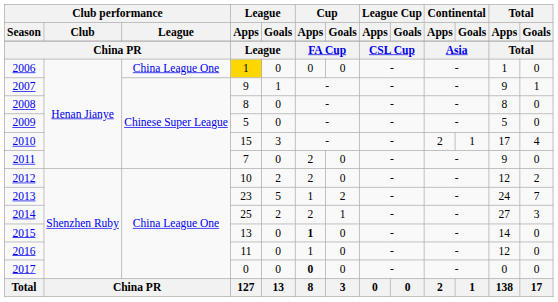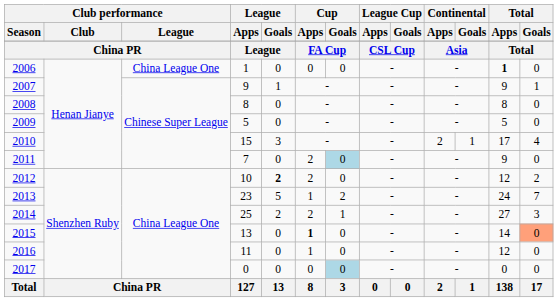 <table class="wikitable" style="text-align:center">
 <tr>
 <th colspan=3>Club performance</th>
 <th colspan=2>League</th>
 <th colspan=2>Cup</th>
 <th colspan=2>League Cup</th>
 <th colspan=2>Continental</th>
 <th colspan=2>Total</th>
 </tr>
 <tr>
 <th>Season</th>
 <th>Club</th>
 <th>League</th>
 <th>Apps</th>
 <th>Goals</th>
 <th>Apps</th>
 <th>Goals</th>
 <th>Apps</th>
 <th>Goals</th>
 <th>Apps</th>
 <th>Goals</th>
 <th>Apps</th>
 <th>Goals</th>
 </tr>
 <tr>
 </tr>
 <tr>
 <th colspan=3>China PR</th>
 <th colspan=2>League</th>
 <th colspan=2><a href='#'>FA Cup</a></th>
 <th colspan=2><a href='#'>CSL Cup</a></th>
 <th colspan=2><a href='#'>Asia</a></th>
 <th colspan=2>Total</th>
 </tr>
 <tr>
 <td><a href='#'>2006</a></td>
 <td rowspan="6"><a href='#'>Henan Jianye</a></td>
 <td><a href='#'>China League One</a></td>
-<td style="background: gold;">1</td>
+<td>1</td>
 <td>0</td>
 <td>0</td>
 <td>0</td>
 <td colspan="2">-</td>
 <td colspan="2">-</td>
-<td>1</td>
+<td><strong>1</strong></td>
 <td>0</td>
 </tr>
 <tr>
 <td><a href='#'>2007</a></td>
 <td rowspan="5"><a href='#'>Chinese Super League</a></td>
 <td>9</td>
 <td>1</td>
 <td colspan="2">-</td>
 <td colspan="2">-</td>
 <td colspan="2">-</td>
 <td>9</td>
 <td>1</td>
 </tr>
 <tr>
 <td><a href='#'>2008</a></td>
 <td>8</td>
 <td>0</td>
 <td colspan="2">-</td>
 <td colspan="2">-</td>
 <td colspan="2">-</td>
 <td>8</td>
 <td>0</td>
 </tr>
 <tr>
 <td><a href='#'>2009</a></td>
 <td>5</td>
 <td>0</td>
 <td colspan="2">-</td>
 <td colspan="2">-</td>
 <td colspan="2">-</td>
 <td>5</td>
 <td>0</td>
 </tr>
 <tr>
 <td><a href='#'>2010</a></td>
 <td>15</td>
 <td>3</td>
 <td colspan="2">-</td>
 <td colspan="2">-</td>
 <td>2</td>
 <td>1</td>
 <td>17</td>
 <td>4</td>
 </tr>
 <tr>
 <td><a href='#'>2011</a></td>
 <td>7</td>
 <td>0</td>
 <td>2</td>
-<td>0</td>
+<td style="background: lightblue;">0</td>
 <td colspan="2">-</td>
 <td colspan="2">-</td>
 <td>9</td>
 <td>0</td>
 </tr>
 <tr>
 <td><a href='#'>2012</a></td>
 <td rowspan="6"><a href='#'>Shenzhen Ruby</a></td>
 <td rowspan="6"><a href='#'>China League One</a></td>
 <td>10</td>
-<td>2</td>
+<td><strong>2</strong></td>
 <td>2</td>
 <td>0</td>
 <td colspan="2">-</td>
 <td colspan="2">-</td>
 <td>12</td>
 <td>2</td>
 </tr>
 <tr>
 <td><a href='#'>2013</a></td>
 <td>23</td>
 <td>5</td>
 <td>1</td>
 <td>2</td>
 <td colspan="2">-</td>
 <td colspan="2">-</td>
 <td>24</td>
 <td>7</td>
 </tr>
 <tr>
 <td><a href='#'>2014</a></td>
 <td>25</td>
 <td>2</td>
 <td>2</td>
 <td>1</td>
 <td colspan="2">-</td>
 <td colspan="2">-</td>
 <td>27</td>
 <td>3</td>
 </tr>
 <tr>
 <td><a href='#'>2015</a></td>
 <td>13</td>
 <td>0</td>
 <td><strong>1</strong></td>
 <td>0</td>
 <td colspan="2">-</td>
 <td colspan="2">-</td>
 <td>14</td>
-<td>0</td>
+<td style="background: lightsalmon;">0</td>
 </tr>
 <tr>
 <td><a href='#'>2016</a></td>
 <td>11</td>
 <td>0</td>
 <td>1</td>
 <td>0</td>
 <td colspan="2">-</td>
 <td colspan="2">-</td>
 <td>12</td>
 <td>0</td>
 </tr>
 <tr>
 <td><a href='#'>2017</a></td>
 <td>0</td>
 <td>0</td>
-<td><strong>0</strong></td>
 <td>0</td>
+<td style="background: lightblue;">0</td>
 <td colspan="2">-</td>
 <td colspan="2">-</td>
 <td>0</td>
 <td>0</td>
 </tr>
 <tr>
 <th rowspan=3>Total</th>
 <th colspan=2>China PR</th>
 <th>127</th>
 <th>13</th>
 <th>8</th>
 <th>3</th>
 <th>0</th>
 <th>0</th>
 <th>2</th>
 <th>1</th>
 <th>138</th>
 <th>17</th>
 </tr>
 </table>
